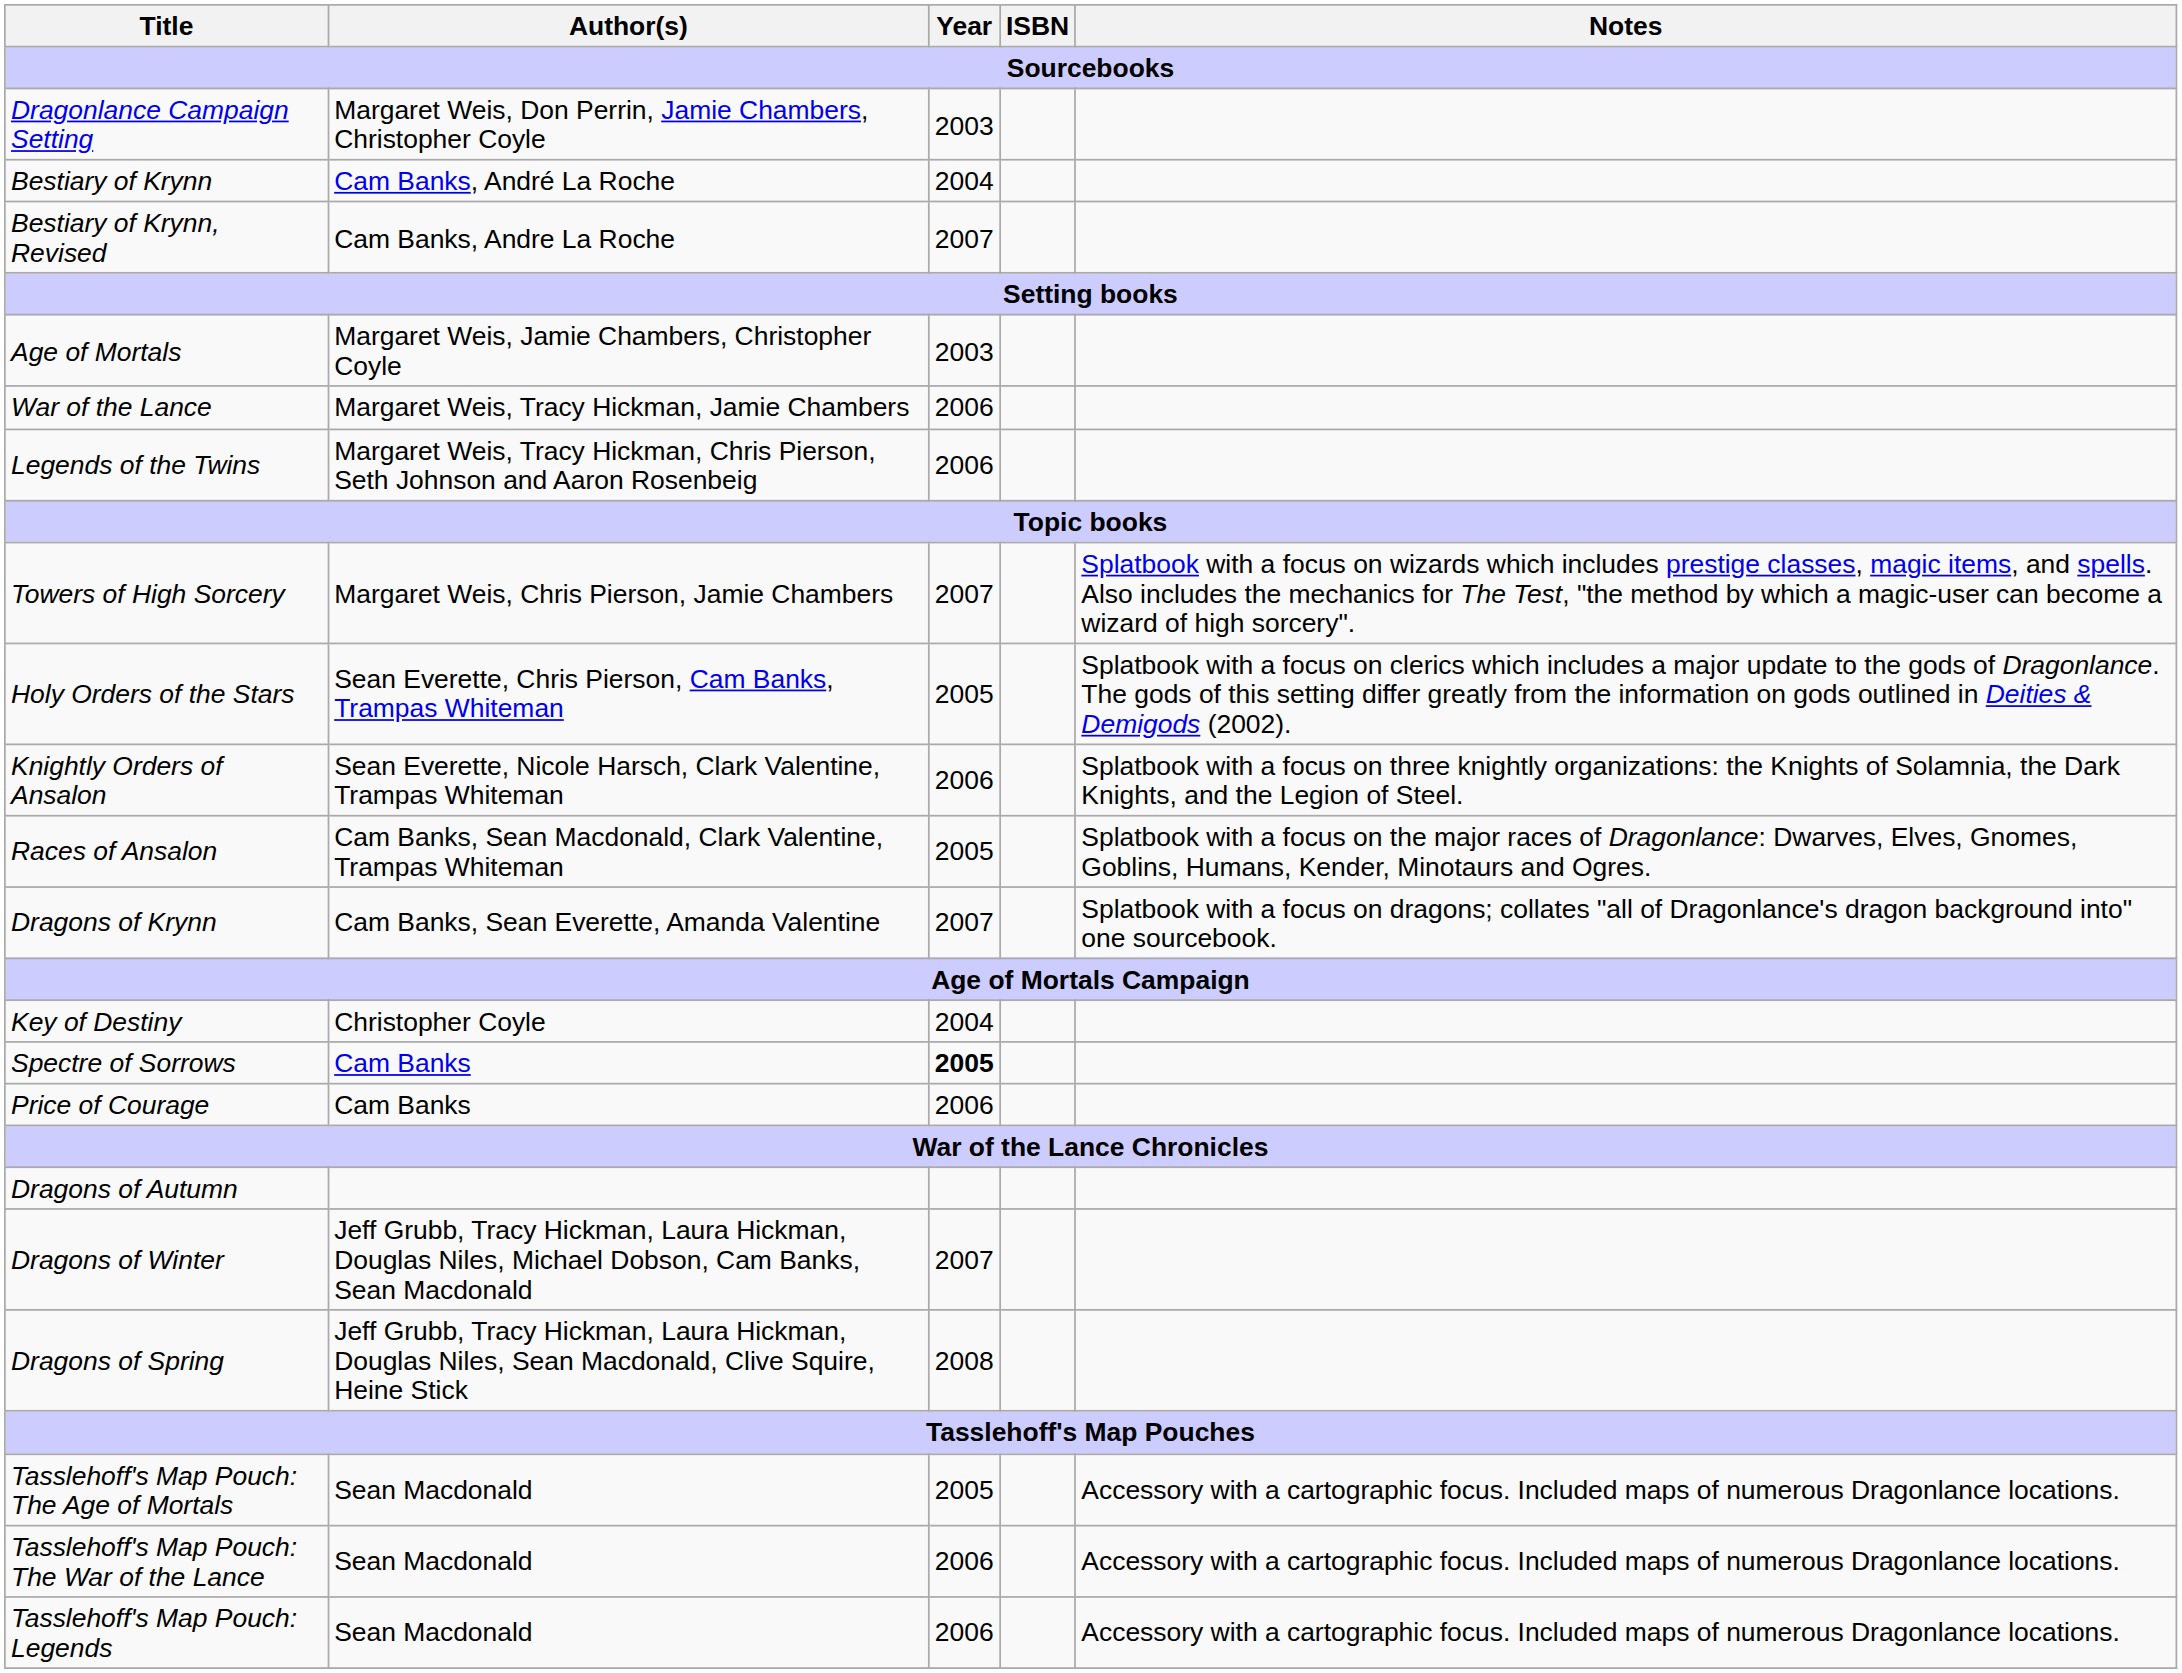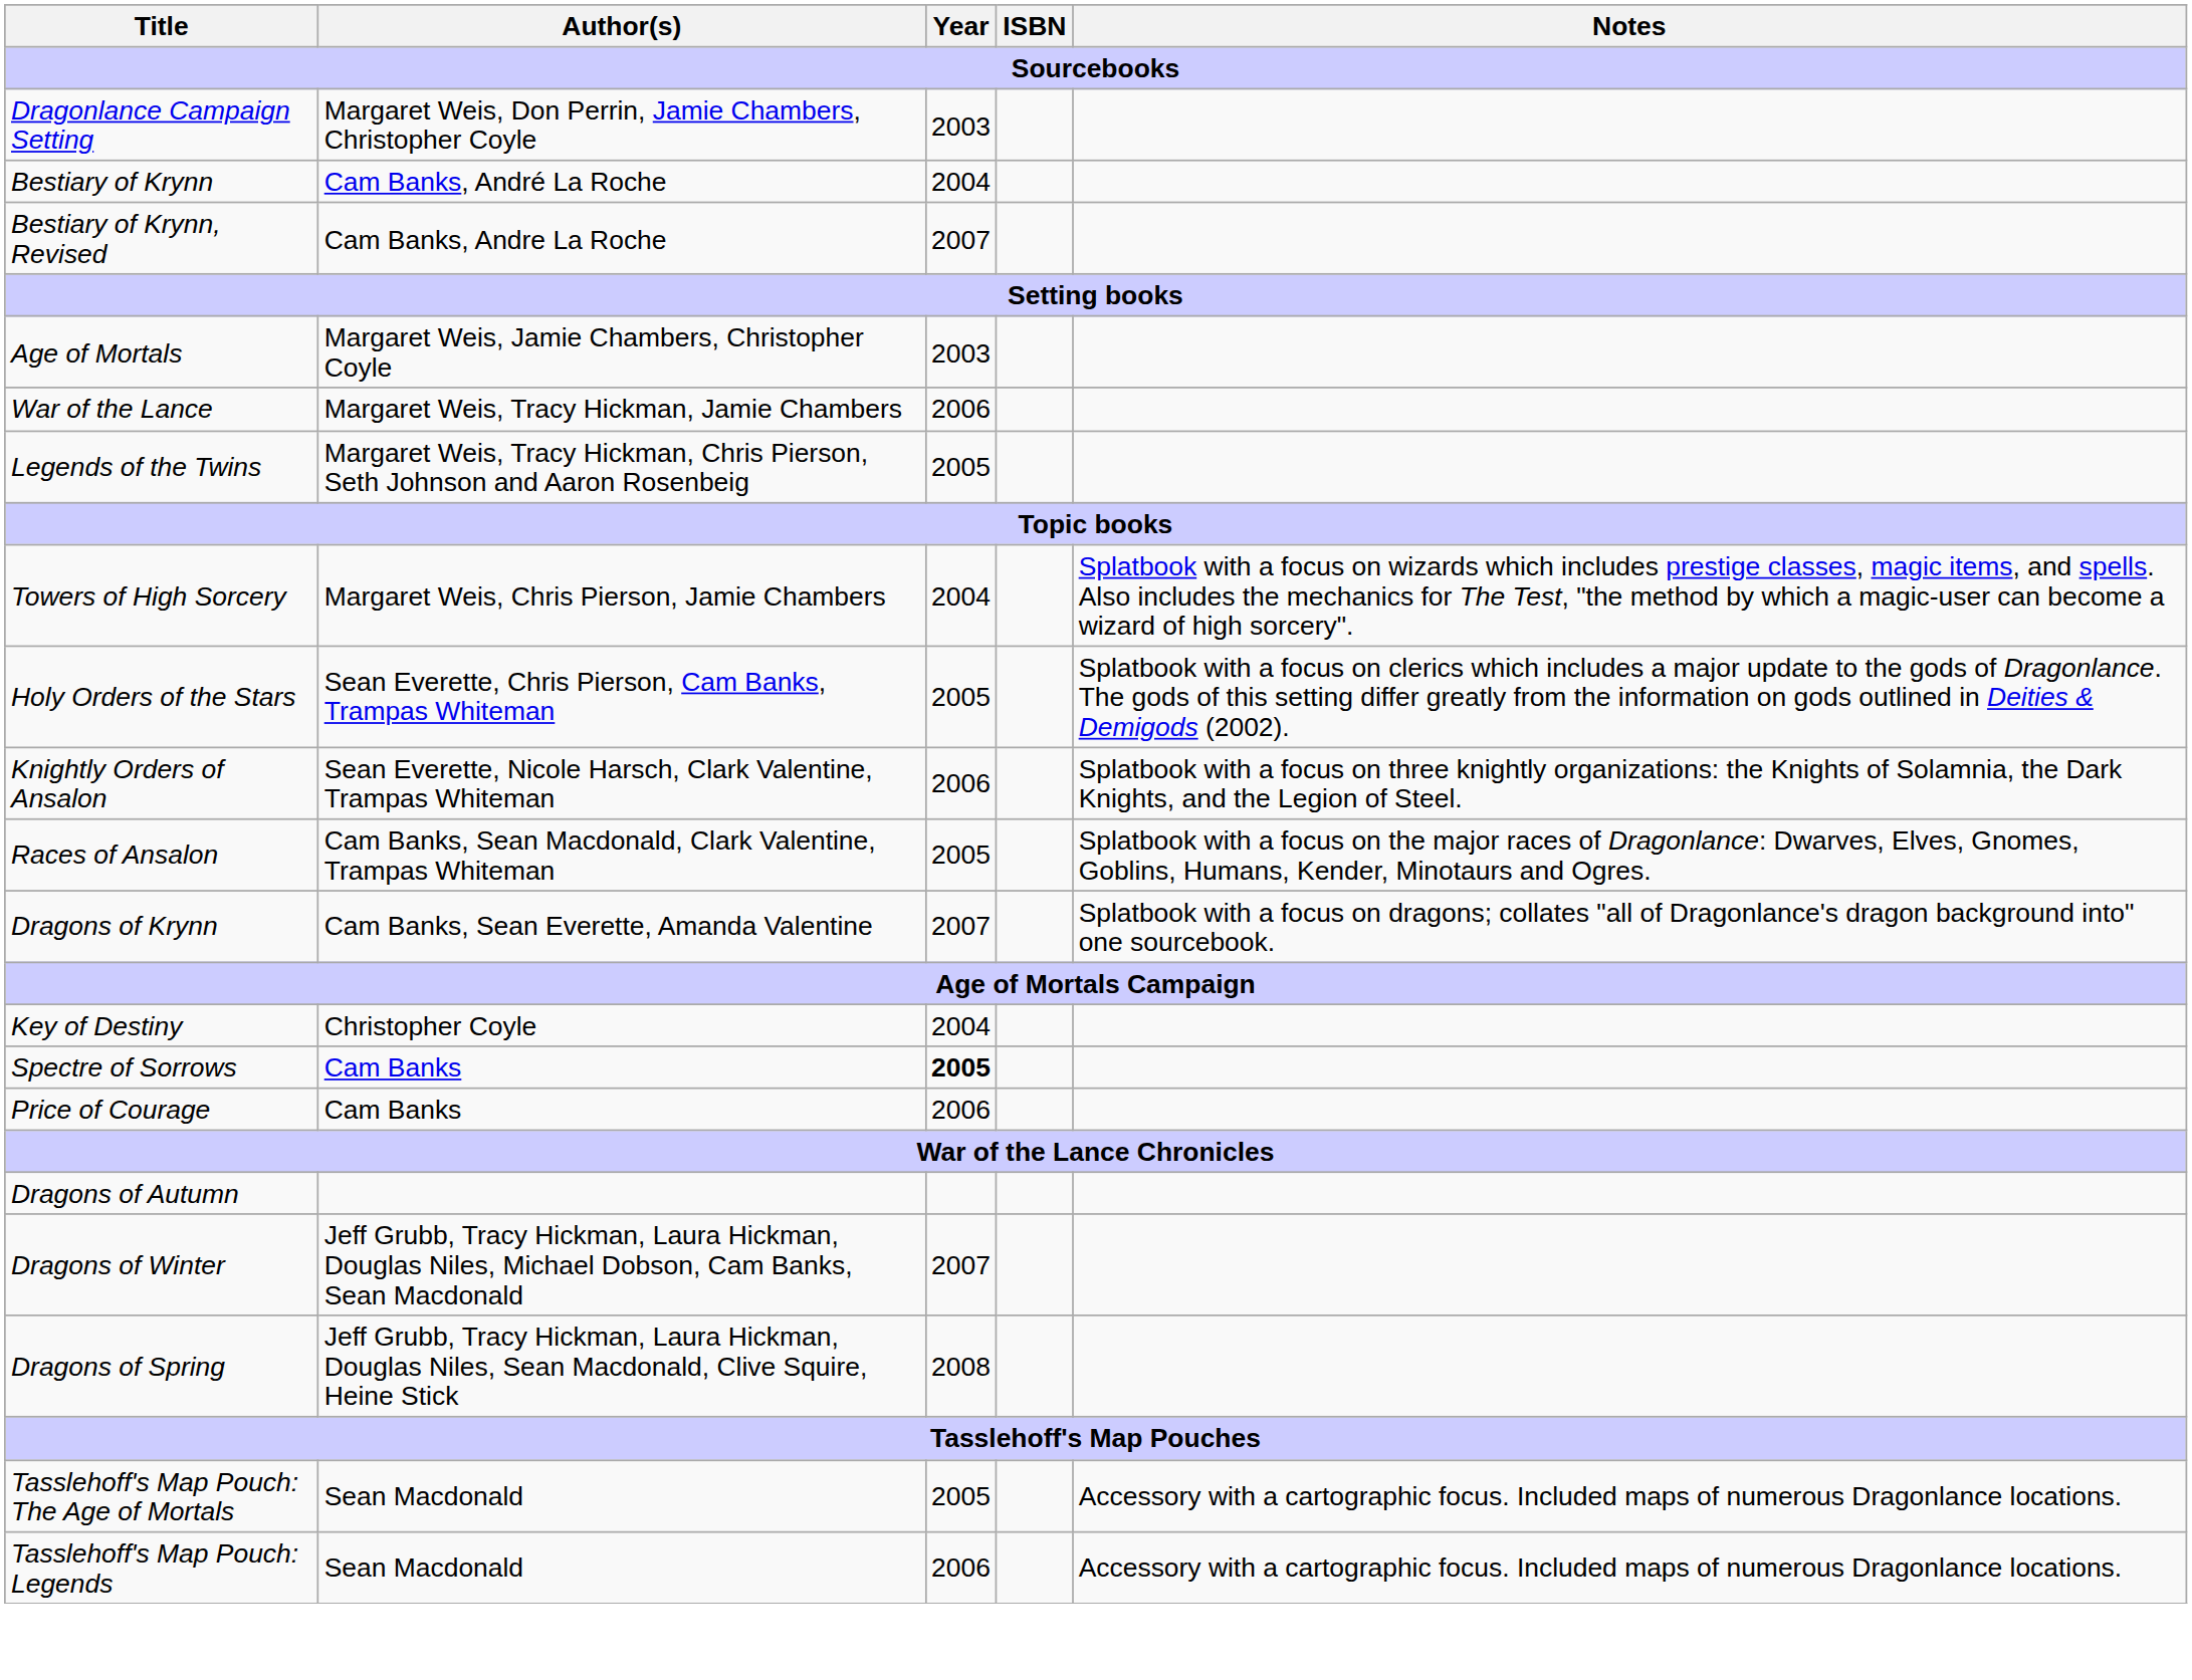 <table class="wikitable sortable" style="margins:auto; width=95%; font-size: 95%;">
 <tr>
 <th>Title</th>
 <th>Author(s)</th>
 <th>Year</th>
 <th>ISBN</th>
 <th>Notes</th>
 </tr>
 <tr>
 <th colspan="5" style="background-color:#ccccff;">Sourcebooks</th>
 </tr>
 <tr>
 <td><em><a href='#'>Dragonlance Campaign Setting</a></em></td>
 <td>Margaret Weis, Don Perrin, <a href='#'>Jamie Chambers</a>, Christopher Coyle</td>
 <td>2003</td>
 <td></td>
 <td></td>
 </tr>
 <tr>
 <td><em>Bestiary of Krynn</em></td>
 <td><a href='#'>Cam Banks</a>, André La Roche</td>
 <td>2004</td>
 <td></td>
 <td></td>
 </tr>
 <tr>
 <td><em>Bestiary of Krynn, Revised</em></td>
 <td>Cam Banks, Andre La Roche</td>
 <td>2007</td>
 <td></td>
 <td></td>
 </tr>
 <tr>
 <th colspan="5" style="background-color:#ccccff;">Setting books</th>
 </tr>
 <tr>
 <td><em>Age of Mortals</em></td>
 <td>Margaret Weis, Jamie Chambers, Christopher Coyle</td>
 <td>2003</td>
 <td></td>
 <td></td>
 </tr>
 <tr>
 <td><em>War of the Lance</em></td>
 <td>Margaret Weis, Tracy Hickman, Jamie Chambers</td>
 <td>2006</td>
 <td></td>
 <td></td>
 </tr>
 <tr>
 <td><em>Legends of the Twins</em></td>
 <td>Margaret Weis, Tracy Hickman, Chris Pierson, Seth Johnson and Aaron Rosenbeig</td>
-<td>2006</td>
+<td>2005</td>
 <td></td>
 <td></td>
 </tr>
 <tr>
 <th colspan="5" style="background-color:#ccccff;">Topic books</th>
 </tr>
 <tr>
 <td><em>Towers of High Sorcery</em></td>
 <td>Margaret Weis, Chris Pierson, Jamie Chambers</td>
-<td>2007</td>
+<td>2004</td>
 <td></td>
 <td><a href='#'>Splatbook</a> with a focus on wizards which includes <a href='#'>prestige classes</a>, <a href='#'>magic items</a>, and <a href='#'>spells</a>. Also includes the mechanics for <em>The Test</em>, "the method by which a magic-user can become a wizard of high sorcery".</td>
 </tr>
 <tr>
 <td><em>Holy Orders of the Stars</em></td>
 <td>Sean Everette, Chris Pierson, <a href='#'>Cam Banks</a>, <a href='#'>Trampas Whiteman</a></td>
 <td>2005</td>
 <td></td>
 <td>Splatbook with a focus on clerics which includes a major update to the gods of <em>Dragonlance</em>. The gods of this setting differ greatly from the information on gods outlined in <em><a href='#'>Deities & Demigods</a></em> (2002).</td>
 </tr>
 <tr>
 <td><em>Knightly Orders of Ansalon</em></td>
 <td>Sean Everette, Nicole Harsch, Clark Valentine, Trampas Whiteman</td>
 <td>2006</td>
 <td></td>
 <td>Splatbook with a focus on three knightly organizations: the Knights of Solamnia, the Dark Knights, and the Legion of Steel.</td>
 </tr>
 <tr>
 <td><em>Races of Ansalon</em></td>
 <td>Cam Banks, Sean Macdonald, Clark Valentine, Trampas Whiteman</td>
 <td>2005</td>
 <td></td>
 <td>Splatbook with a focus on the major races of <em>Dragonlance</em>: Dwarves, Elves, Gnomes, Goblins, Humans, Kender, Minotaurs and Ogres.</td>
 </tr>
 <tr>
 <td><em>Dragons of Krynn</em></td>
 <td>Cam Banks, Sean Everette, Amanda Valentine</td>
 <td>2007</td>
 <td></td>
 <td>Splatbook with a focus on dragons; collates "all of Dragonlance's dragon background into" one sourcebook.</td>
 </tr>
 <tr>
 <th colspan="5" style="background-color:#ccccff;">Age of Mortals Campaign</th>
 </tr>
 <tr>
 <td><em>Key of Destiny</em></td>
 <td>Christopher Coyle</td>
 <td>2004</td>
 <td></td>
 <td></td>
 </tr>
 <tr>
 <td><em>Spectre of Sorrows</em></td>
 <td><a href='#'>Cam Banks</a></td>
 <td><strong>2005</strong></td>
 <td></td>
 <td></td>
 </tr>
 <tr>
 <td><em>Price of Courage</em></td>
 <td>Cam Banks</td>
 <td>2006</td>
 <td></td>
 <td></td>
 </tr>
 <tr>
 <th colspan="5" style="background-color:#ccccff;">War of the Lance Chronicles</th>
 </tr>
 <tr>
 <td><em>Dragons of Autumn</em></td>
 <td></td>
 <td></td>
 <td></td>
 <td></td>
 </tr>
 <tr>
 <td><em>Dragons of Winter</em></td>
 <td>Jeff Grubb, Tracy Hickman, Laura Hickman, Douglas Niles, Michael Dobson, Cam Banks, Sean Macdonald</td>
 <td>2007</td>
 <td></td>
 <td></td>
 </tr>
 <tr>
 <td><em>Dragons of Spring</em></td>
 <td>Jeff Grubb, Tracy Hickman, Laura Hickman, Douglas Niles, Sean Macdonald, Clive Squire, Heine Stick</td>
 <td>2008</td>
 <td></td>
 <td></td>
 </tr>
 <tr>
 <th colspan="5" style="background-color:#ccccff;">Tasslehoff's Map Pouches</th>
 </tr>
 <tr>
 <td><em>Tasslehoff's Map Pouch: The Age of Mortals</em></td>
 <td>Sean Macdonald</td>
 <td>2005</td>
 <td></td>
 <td>Accessory with a cartographic focus. Included maps of numerous Dragonlance locations.</td>
 </tr>
 <tr>
-<td><em>Tasslehoff's Map Pouch: The War of the Lance</em></td>
-<td>Sean Macdonald</td>
-<td>2006</td>
-<td></td>
-<td>Accessory with a cartographic focus. Included maps of numerous Dragonlance locations.</td>
-</tr>
-<tr>
 <td><em>Tasslehoff's Map Pouch: Legends</em></td>
 <td>Sean Macdonald</td>
 <td>2006</td>
 <td></td>
 <td>Accessory with a cartographic focus. Included maps of numerous Dragonlance locations.</td>
 </tr>
 <tr>
 </tr>
 </table>
